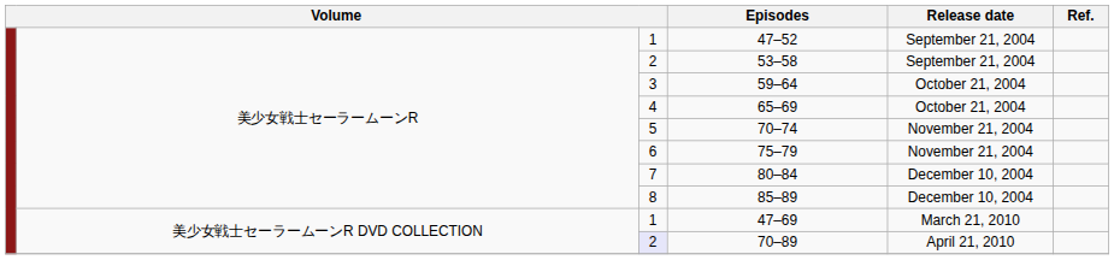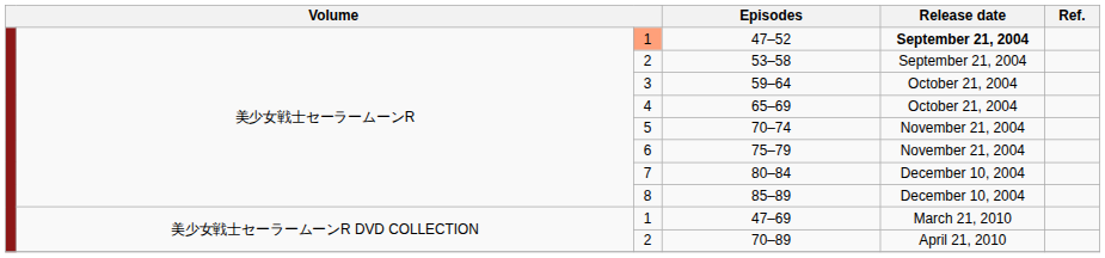 <table class="wikitable" style="text-align: center; width: 98%;">
 <tr>
 <th colspan="3">Volume</th>
 <th width="20%">Episodes</th>
 <th width="15%">Release date</th>
 <th width="5%">Ref.</th>
 </tr>
 <tr>
 <td rowspan="10" width="1%" style="background: #8C1717;"></td>
 <td rowspan="8">美少女戦士セーラームーンR</td>
-<td>1</td>
+<td style="background: lightsalmon;">1</td>
 <td>47–52</td>
-<td>September 21, 2004</td>
+<td><strong>September 21, 2004</strong></td>
 <td></td>
 </tr>
 <tr>
 <td>2</td>
 <td>53–58</td>
 <td>September 21, 2004</td>
 <td></td>
 </tr>
 <tr>
 <td>3</td>
 <td>59–64</td>
 <td>October 21, 2004</td>
 <td></td>
 </tr>
 <tr>
 <td>4</td>
 <td>65–69</td>
 <td>October 21, 2004</td>
 <td></td>
 </tr>
 <tr>
 <td>5</td>
 <td>70–74</td>
 <td>November 21, 2004</td>
 <td></td>
 </tr>
 <tr>
 <td>6</td>
 <td>75–79</td>
 <td>November 21, 2004</td>
 <td></td>
 </tr>
 <tr>
 <td>7</td>
 <td>80–84</td>
 <td>December 10, 2004</td>
 <td></td>
 </tr>
 <tr>
 <td>8</td>
 <td>85–89</td>
 <td>December 10, 2004</td>
 <td></td>
 </tr>
 <tr>
 <td rowspan="2">美少女戦士セーラームーンR DVD COLLECTION</td>
 <td>1</td>
 <td>47–69</td>
 <td>March 21, 2010</td>
 <td></td>
 </tr>
 <tr>
-<td style="background: lavender;">2</td>
+<td>2</td>
 <td>70–89</td>
 <td>April 21, 2010</td>
 <td></td>
 </tr>
 <tr>
 </tr>
 </table>
